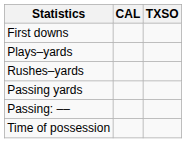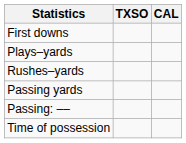 <table class="wikitable" style="float:left">
 <tr>
 <th>Statistics</th>
+<th>TXSO</th>
 <th>CAL</th>
-<th>TXSO</th>
 </tr>
 <tr>
 <td>First downs</td>
 <td></td>
 <td></td>
 </tr>
 <tr>
 <td>Plays–yards</td>
 <td></td>
 <td></td>
 </tr>
 <tr>
 <td>Rushes–yards</td>
 <td></td>
 <td></td>
 </tr>
 <tr>
 <td>Passing yards</td>
 <td></td>
 <td></td>
 </tr>
 <tr>
 <td>Passing: ––</td>
 <td></td>
 <td></td>
 </tr>
 <tr>
 <td>Time of possession</td>
 <td></td>
 <td></td>
 </tr>
 </table>
